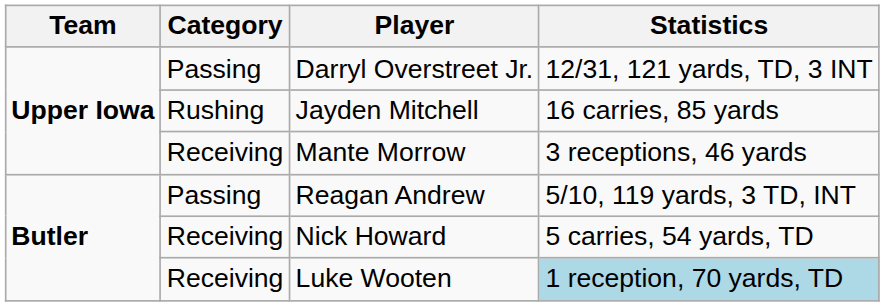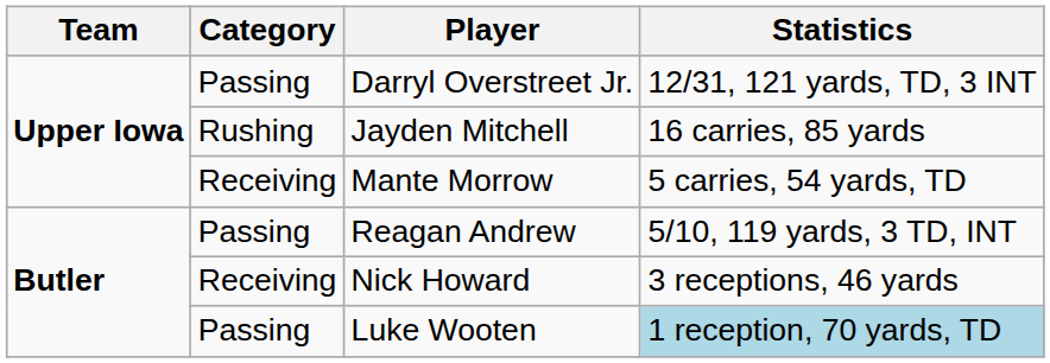 <table class="wikitable" style="float: right;">
 <tr>
 <th>Team</th>
 <th>Category</th>
 <th>Player</th>
 <th>Statistics</th>
 </tr>
 <tr>
 <td rowspan=3><strong>Upper Iowa</strong></td>
 <td>Passing</td>
 <td>Darryl Overstreet Jr.</td>
 <td>12/31, 121 yards, TD, 3 INT</td>
 </tr>
 <tr>
 <td>Rushing</td>
 <td>Jayden Mitchell</td>
 <td>16 carries, 85 yards</td>
 </tr>
 <tr>
 <td>Receiving</td>
 <td>Mante Morrow</td>
-<td>3 receptions, 46 yards</td>
+<td>5 carries, 54 yards, TD</td>
 </tr>
 <tr>
 <td rowspan=3><strong>Butler</strong></td>
 <td>Passing</td>
 <td>Reagan Andrew</td>
 <td>5/10, 119 yards, 3 TD, INT</td>
 </tr>
 <tr>
 <td>Receiving</td>
 <td>Nick Howard</td>
-<td>5 carries, 54 yards, TD</td>
+<td>3 receptions, 46 yards</td>
 </tr>
 <tr>
-<td>Receiving</td>
+<td>Passing</td>
 <td>Luke Wooten</td>
 <td style="background: lightblue;">1 reception, 70 yards, TD</td>
 </tr>
 </table>
